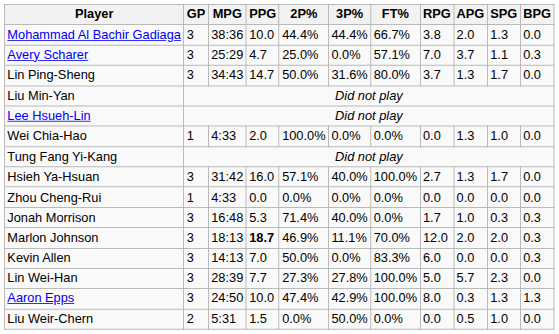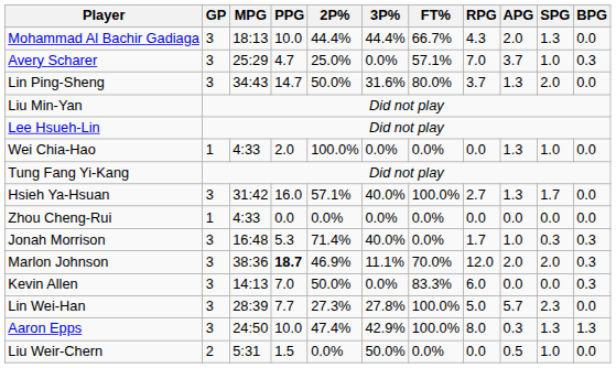 <table class="wikitable">
 <tr>
 <th>Player</th>
 <th>GP</th>
 <th>MPG</th>
 <th>PPG</th>
 <th>2P%</th>
 <th>3P%</th>
 <th>FT%</th>
 <th>RPG</th>
 <th>APG</th>
 <th>SPG</th>
 <th>BPG</th>
 </tr>
 <tr>
 <td><a href='#'>Mohammad Al Bachir Gadiaga</a></td>
 <td>3</td>
-<td>38:36</td>
+<td>18:13</td>
 <td>10.0</td>
 <td>44.4%</td>
 <td>44.4%</td>
 <td>66.7%</td>
-<td>3.8</td>
+<td>4.3</td>
 <td>2.0</td>
 <td>1.3</td>
 <td>0.0</td>
 </tr>
 <tr>
 <td><a href='#'>Avery Scharer</a></td>
 <td>3</td>
 <td>25:29</td>
 <td>4.7</td>
 <td>25.0%</td>
 <td>0.0%</td>
 <td>57.1%</td>
 <td>7.0</td>
 <td>3.7</td>
-<td>1.1</td>
+<td>1.0</td>
 <td>0.3</td>
 </tr>
 <tr>
 <td>Lin Ping-Sheng</td>
 <td>3</td>
 <td>34:43</td>
 <td>14.7</td>
 <td>50.0%</td>
 <td>31.6%</td>
 <td>80.0%</td>
 <td>3.7</td>
 <td>1.3</td>
-<td>1.7</td>
+<td>2.0</td>
 <td>0.0</td>
 </tr>
 <tr>
 <td>Liu Min-Yan</td>
 <td colspan=10 align=center><em>Did not play</em></td>
 </tr>
 <tr>
 <td><a href='#'>Lee Hsueh-Lin</a></td>
 <td colspan=10 align=center><em>Did not play</em></td>
 </tr>
 <tr>
 <td>Wei Chia-Hao</td>
 <td>1</td>
 <td>4:33</td>
 <td>2.0</td>
 <td>100.0%</td>
 <td>0.0%</td>
 <td>0.0%</td>
 <td>0.0</td>
 <td>1.3</td>
 <td>1.0</td>
 <td>0.0</td>
 </tr>
 <tr>
 <td>Tung Fang Yi-Kang</td>
 <td colspan=10 align=center><em>Did not play</em></td>
 </tr>
 <tr>
 <td>Hsieh Ya-Hsuan</td>
 <td>3</td>
 <td>31:42</td>
 <td>16.0</td>
 <td>57.1%</td>
 <td>40.0%</td>
 <td>100.0%</td>
 <td>2.7</td>
 <td>1.3</td>
 <td>1.7</td>
 <td>0.0</td>
 </tr>
 <tr>
 <td>Zhou Cheng-Rui</td>
 <td>1</td>
 <td>4:33</td>
 <td>0.0</td>
 <td>0.0%</td>
 <td>0.0%</td>
 <td>0.0%</td>
 <td>0.0</td>
 <td>0.0</td>
 <td>0.0</td>
 <td>0.0</td>
 </tr>
 <tr>
 <td>Jonah Morrison</td>
 <td>3</td>
 <td>16:48</td>
 <td>5.3</td>
 <td>71.4%</td>
 <td>40.0%</td>
 <td>0.0%</td>
 <td>1.7</td>
 <td>1.0</td>
 <td>0.3</td>
 <td>0.3</td>
 </tr>
 <tr>
 <td>Marlon Johnson</td>
 <td>3</td>
-<td>18:13</td>
+<td>38:36</td>
 <td><strong>18.7</strong></td>
 <td>46.9%</td>
 <td>11.1%</td>
 <td>70.0%</td>
 <td>12.0</td>
 <td>2.0</td>
 <td>2.0</td>
 <td>0.3</td>
 </tr>
 <tr>
 <td>Kevin Allen</td>
 <td>3</td>
 <td>14:13</td>
 <td>7.0</td>
 <td>50.0%</td>
 <td>0.0%</td>
 <td>83.3%</td>
 <td>6.0</td>
 <td>0.0</td>
 <td>0.0</td>
 <td>0.3</td>
 </tr>
 <tr>
 <td>Lin Wei-Han</td>
 <td>3</td>
 <td>28:39</td>
 <td>7.7</td>
 <td>27.3%</td>
 <td>27.8%</td>
 <td>100.0%</td>
 <td>5.0</td>
 <td>5.7</td>
 <td>2.3</td>
 <td>0.0</td>
 </tr>
 <tr>
 <td><a href='#'>Aaron Epps</a></td>
 <td>3</td>
 <td>24:50</td>
 <td>10.0</td>
 <td>47.4%</td>
 <td>42.9%</td>
 <td>100.0%</td>
 <td>8.0</td>
 <td>0.3</td>
 <td>1.3</td>
 <td>1.3</td>
 </tr>
 <tr>
 <td>Liu Weir-Chern</td>
 <td>2</td>
 <td>5:31</td>
 <td>1.5</td>
 <td>0.0%</td>
 <td>50.0%</td>
 <td>0.0%</td>
 <td>0.0</td>
 <td>0.5</td>
 <td>1.0</td>
 <td>0.0</td>
 </tr>
 </table>
